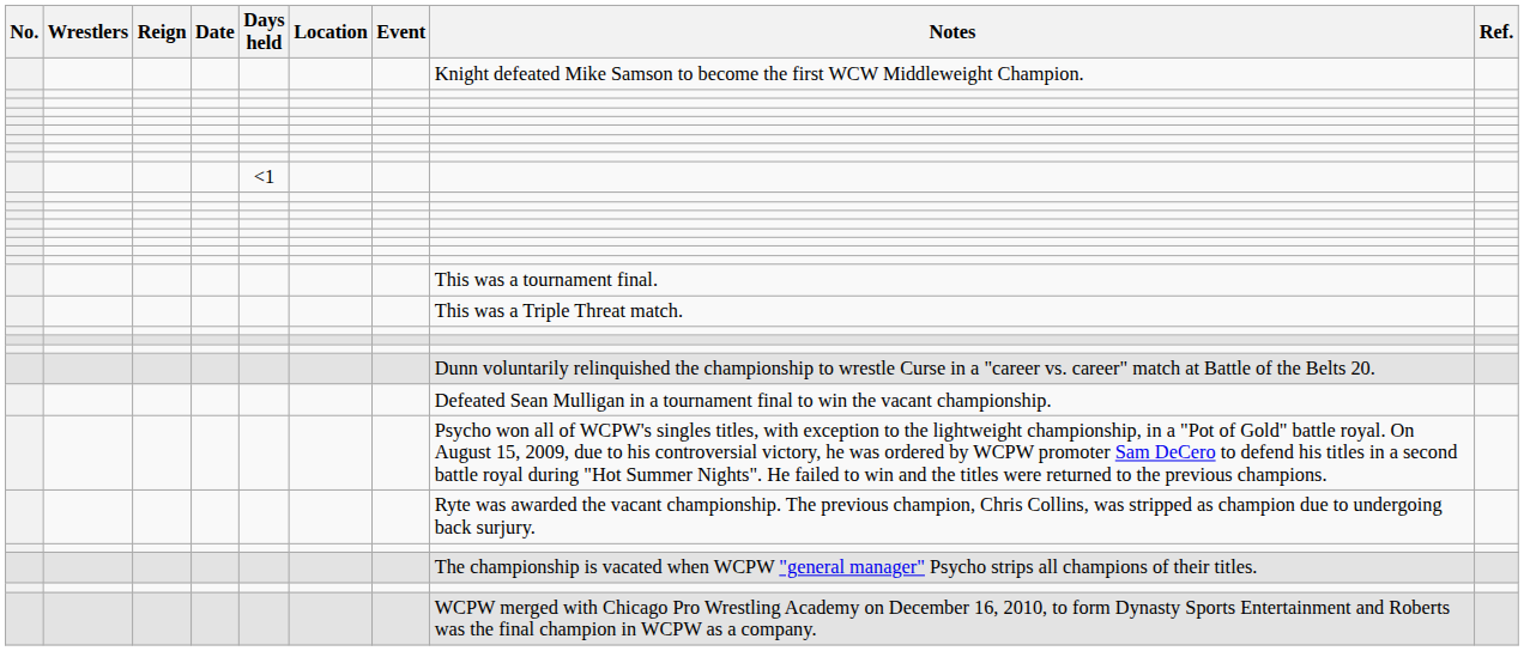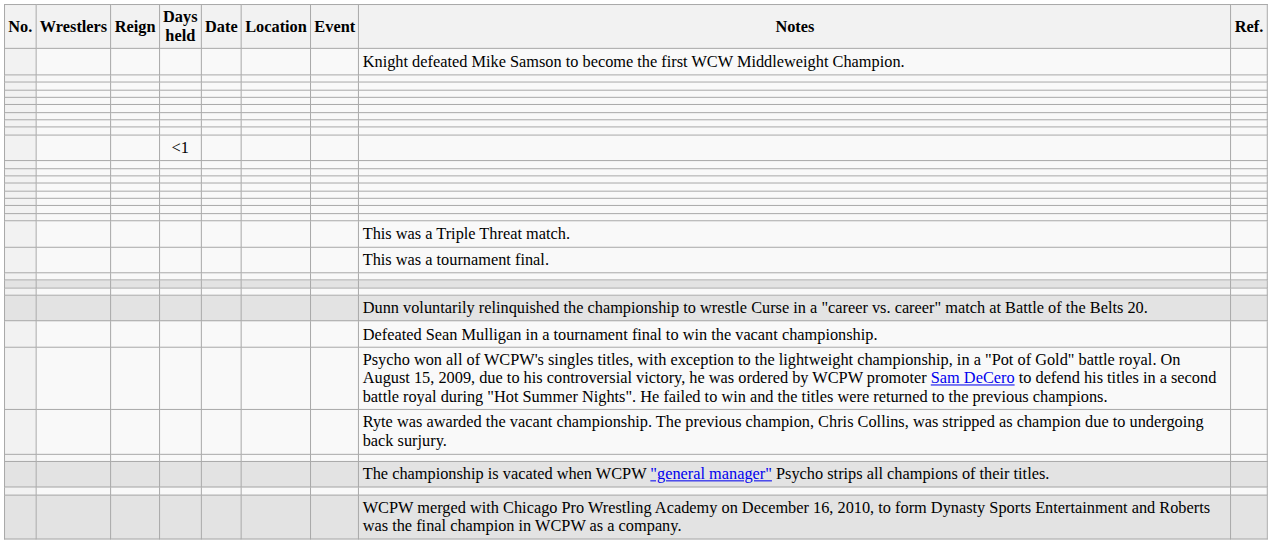 <table class="wikitable sortable" width=98% style="text-align:center;">
 <tr>
 <th>No.</th>
 <th>Wrestlers</th>
 <th>Reign</th>
+<th>Days<br>held</th>
 <th>Date</th>
-<th>Days<br>held</th>
 <th>Location</th>
 <th>Event</th>
 <th>Notes</th>
 <th>Ref.</th>
 </tr>
 <tr>
 <th></th>
 <td></td>
 <td></td>
 <td></td>
 <td></td>
 <td></td>
 <td></td>
 <td align="left">Knight defeated Mike Samson to become the first WCW Middleweight Champion.</td>
 <td align="left"> </td>
 </tr>
 <tr>
 <th></th>
 <td></td>
 <td></td>
 <td></td>
 <td></td>
 <td></td>
 <td></td>
 <td align="left"></td>
 <td align="left"></td>
 </tr>
 <tr>
 <th></th>
 <td></td>
 <td></td>
 <td></td>
 <td></td>
 <td></td>
 <td></td>
 <td align="left"></td>
 <td> </td>
 </tr>
 <tr>
 <th></th>
 <td></td>
 <td></td>
 <td></td>
 <td></td>
 <td></td>
 <td></td>
 <td align="left"></td>
 <td align="left"></td>
 </tr>
 <tr>
 <th></th>
 <td></td>
 <td></td>
 <td></td>
 <td></td>
 <td></td>
 <td></td>
 <td align="left"></td>
 <td align="left"></td>
 </tr>
 <tr>
 <th></th>
 <td></td>
 <td></td>
 <td></td>
 <td></td>
 <td></td>
 <td></td>
 <td align="left"></td>
 <td></td>
 </tr>
 <tr>
 <th></th>
 <td></td>
 <td></td>
 <td></td>
 <td></td>
 <td></td>
 <td></td>
 <td align="left"></td>
 <td align="left"></td>
 </tr>
 <tr>
 <th></th>
 <td></td>
 <td></td>
 <td></td>
 <td></td>
 <td></td>
 <td></td>
 <td align="left"></td>
 <td align="left"> </td>
 </tr>
 <tr>
 <th></th>
 <td></td>
 <td></td>
 <td></td>
 <td></td>
 <td></td>
 <td></td>
 <td align="left"></td>
 <td> </td>
 </tr>
 <tr>
 <th></th>
 <td></td>
 <td></td>
+<td><1</td>
 <td></td>
-<td><1</td>
 <td></td>
 <td></td>
 <td align="left"></td>
 <td align="left"></td>
 </tr>
 <tr>
 <th></th>
 <td></td>
 <td></td>
 <td></td>
 <td></td>
 <td></td>
 <td></td>
 <td align="left"></td>
 <td align="left"></td>
 </tr>
 <tr>
 <th></th>
 <td></td>
 <td></td>
 <td></td>
 <td></td>
 <td></td>
 <td></td>
 <td align="left"></td>
 <td align="left"></td>
 </tr>
 <tr>
 <th></th>
 <td></td>
 <td></td>
 <td></td>
 <td></td>
 <td></td>
 <td></td>
 <td align="left"></td>
 <td align="left"></td>
 </tr>
 <tr>
 <th></th>
 <td></td>
 <td></td>
 <td></td>
 <td></td>
 <td></td>
 <td></td>
 <td align="left"></td>
 <td align="left"></td>
 </tr>
 <tr>
 <th></th>
 <td></td>
 <td></td>
 <td></td>
 <td></td>
 <td></td>
 <td></td>
 <td align="left"></td>
 <td align="left"></td>
 </tr>
 <tr>
 <th></th>
 <td></td>
 <td></td>
 <td></td>
 <td></td>
 <td></td>
 <td></td>
 <td align="left"></td>
 <td></td>
 </tr>
 <tr>
 <th></th>
 <td></td>
 <td></td>
 <td></td>
 <td></td>
 <td></td>
 <td></td>
 <td align="left"></td>
 <td align="left"></td>
 </tr>
 <tr>
 <th></th>
 <td></td>
 <td></td>
 <td></td>
 <td></td>
 <td></td>
 <td></td>
 <td align="left"></td>
 <td align="left"></td>
 </tr>
 <tr>
 <th></th>
 <td></td>
 <td></td>
 <td></td>
 <td></td>
 <td></td>
 <td></td>
-<td align="left">This was a tournament final.</td>
+<td align="left">This was a Triple Threat match.</td>
 <td align="left"></td>
 </tr>
 <tr>
 <th></th>
 <td></td>
 <td></td>
 <td></td>
 <td></td>
 <td></td>
 <td></td>
-<td align="left">This was a Triple Threat match.</td>
+<td align="left">This was a tournament final.</td>
 <td align="left"></td>
 </tr>
 <tr>
 <th></th>
 <td></td>
 <td></td>
 <td></td>
 <td></td>
 <td></td>
 <td></td>
 <td align="left"></td>
 <td align="left"></td>
 </tr>
 <tr style="background:#e3e3e3">
 <td></td>
 <td></td>
 <td></td>
 <td></td>
 <td></td>
 <td></td>
 <td></td>
 <td align="left"></td>
 <td align="left"></td>
 </tr>
 <tr>
 <th></th>
 <td></td>
 <td></td>
 <td></td>
 <td></td>
 <td></td>
 <td></td>
 <td align="left"></td>
 <td align="left"></td>
 </tr>
 <tr style="background:#e3e3e3">
 <td></td>
 <td></td>
 <td></td>
 <td></td>
 <td></td>
 <td></td>
 <td></td>
 <td align="left">Dunn voluntarily relinquished the championship to wrestle Curse in a "career vs. career" match at Battle of the Belts 20.</td>
 <td align="left"></td>
 </tr>
 <tr>
 <th></th>
 <td></td>
 <td></td>
 <td></td>
 <td></td>
 <td></td>
 <td></td>
 <td align="left">Defeated Sean Mulligan in a tournament final to win the vacant championship.</td>
 <td align="left"></td>
 </tr>
 <tr>
 <th></th>
 <td></td>
 <td></td>
 <td></td>
 <td></td>
 <td></td>
 <td></td>
 <td align="left">Psycho won all of WCPW's singles titles, with exception to the lightweight championship, in a "Pot of Gold" battle royal. On August 15, 2009, due to his controversial victory, he was ordered by WCPW promoter <a href='#'>Sam DeCero</a> to defend his titles in a second battle royal during "Hot Summer Nights". He failed to win and the titles were returned to the previous champions.</td>
 <td align="left"></td>
 </tr>
 <tr>
 <th></th>
 <td></td>
 <td></td>
 <td></td>
 <td></td>
 <td></td>
 <td></td>
 <td align="left">Ryte was awarded the vacant championship. The previous champion, Chris Collins, was stripped as champion due to undergoing back surjury.</td>
 <td align="left"></td>
 </tr>
 <tr>
 <th></th>
 <td></td>
 <td></td>
 <td></td>
 <td></td>
 <td></td>
 <td></td>
 <td align="left"></td>
 <td align="left"></td>
 </tr>
 <tr style="background:#e3e3e3">
 <td></td>
 <td></td>
 <td></td>
 <td></td>
 <td></td>
 <td></td>
 <td></td>
 <td align="left">The championship is vacated when WCPW <a href='#'>"general manager"</a> Psycho strips all champions of their titles.</td>
 <td align="left"></td>
 </tr>
 <tr>
 <th></th>
 <td></td>
 <td></td>
 <td></td>
 <td></td>
 <td></td>
 <td></td>
 <td align="left"></td>
 <td align="left"></td>
 </tr>
 <tr style="background:#e3e3e3">
 <td></td>
 <td></td>
 <td></td>
 <td></td>
 <td></td>
 <td></td>
 <td></td>
 <td align="left">WCPW merged with Chicago Pro Wrestling Academy on December 16, 2010, to form Dynasty Sports Entertainment and Roberts was the final champion in WCPW as a company.</td>
 <td align="left"></td>
 </tr>
 </table>
